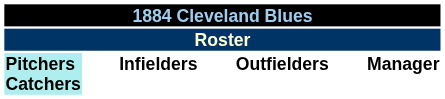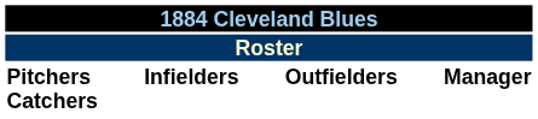 <table class="toccolours" style="font-size: 95%;">
 <tr>
 <th colspan="10" style="background-color: #000000; color: #9ECEEE; text-align: center;">1884 Cleveland Blues</th>
 </tr>
 <tr>
 <td colspan="10" style="background-color: #003366; color: #FFFDD0; text-align: center;"><strong>Roster</strong></td>
 </tr>
 <tr>
-<td valign="top" style="background: paleturquoise;"><strong>Pitchers</strong><br>   <strong>Catchers</strong>   </td>
+<td valign="top"><strong>Pitchers</strong><br>   <strong>Catchers</strong>   </td>
 <td width="25px"></td>
 <td valign="top"><strong>Infielders</strong><br>       </td>
 <td width="25px"></td>
 <td valign="top"><strong>Outfielders</strong><br>        </td>
 <td width="25px"></td>
 <td valign="top"><strong>Manager</strong><br></td>
 </tr>
 </table>
